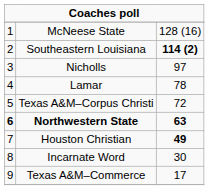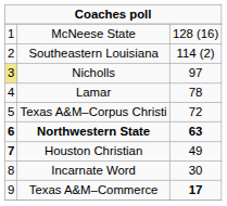 <table class="wikitable">
 <tr align="center">
 <td align="center" Colspan="3"><strong>Coaches poll</strong></td>
 </tr>
 <tr align="center">
 </tr>
 <tr align="center">
 <td>1</td>
 <td>McNeese State</td>
 <td>128 (16)</td>
 </tr>
 <tr align="center">
 <td>2</td>
 <td>Southeastern Louisiana</td>
-<td><strong>114 (2)</strong></td>
+<td>114 (2)</td>
 </tr>
 <tr align="center">
-<td>3</td>
+<td style="background: khaki;">3</td>
 <td>Nicholls</td>
 <td>97</td>
 </tr>
 <tr align="center">
 <td>4</td>
 <td>Lamar</td>
 <td>78</td>
 </tr>
 <tr align="center">
 <td>5</td>
 <td>Texas A&M–Corpus Christi</td>
 <td>72</td>
 </tr>
 <tr align="center">
 <td><strong>6</strong></td>
 <td><strong>Northwestern State</strong></td>
 <td><strong>63</strong></td>
 </tr>
 <tr align="center">
-<td>7</td>
+<td><strong>7</strong></td>
 <td>Houston Christian</td>
-<td><strong>49</strong></td>
+<td>49</td>
 </tr>
 <tr align="center">
 <td>8</td>
 <td>Incarnate Word</td>
 <td>30</td>
 </tr>
 <tr align="center">
 <td>9</td>
 <td>Texas A&M–Commerce</td>
-<td>17</td>
+<td><strong>17</strong></td>
 </tr>
 <tr align="center">
 </tr>
 </table>
